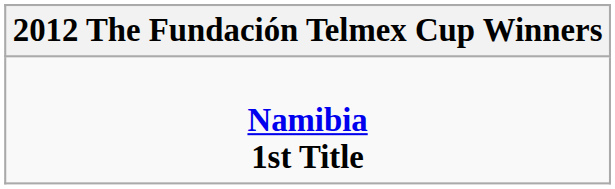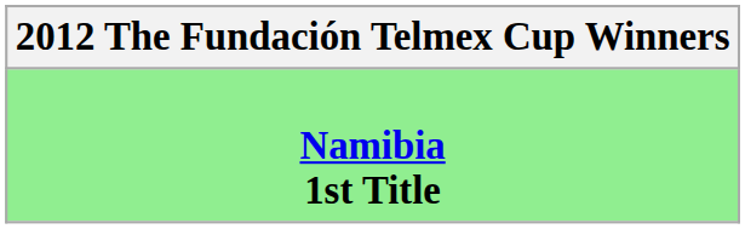 <table class="wikitable" style="text-align: center; margin: 0 auto;">
 <tr>
 <th>2012 The Fundación Telmex Cup Winners</th>
 </tr>
 <tr>
-<td><br><strong><a href='#'>Namibia</a></strong><br><strong>1st Title</strong></td>
+<td style="background: lightgreen;"><br><strong><a href='#'>Namibia</a></strong><br><strong>1st Title</strong></td>
 </tr>
 </table>
